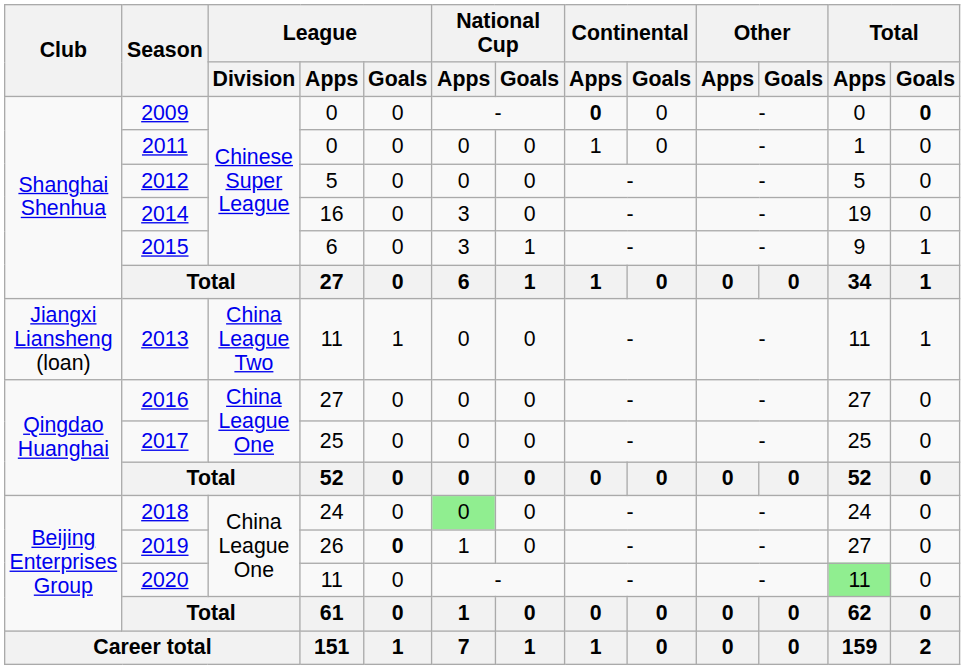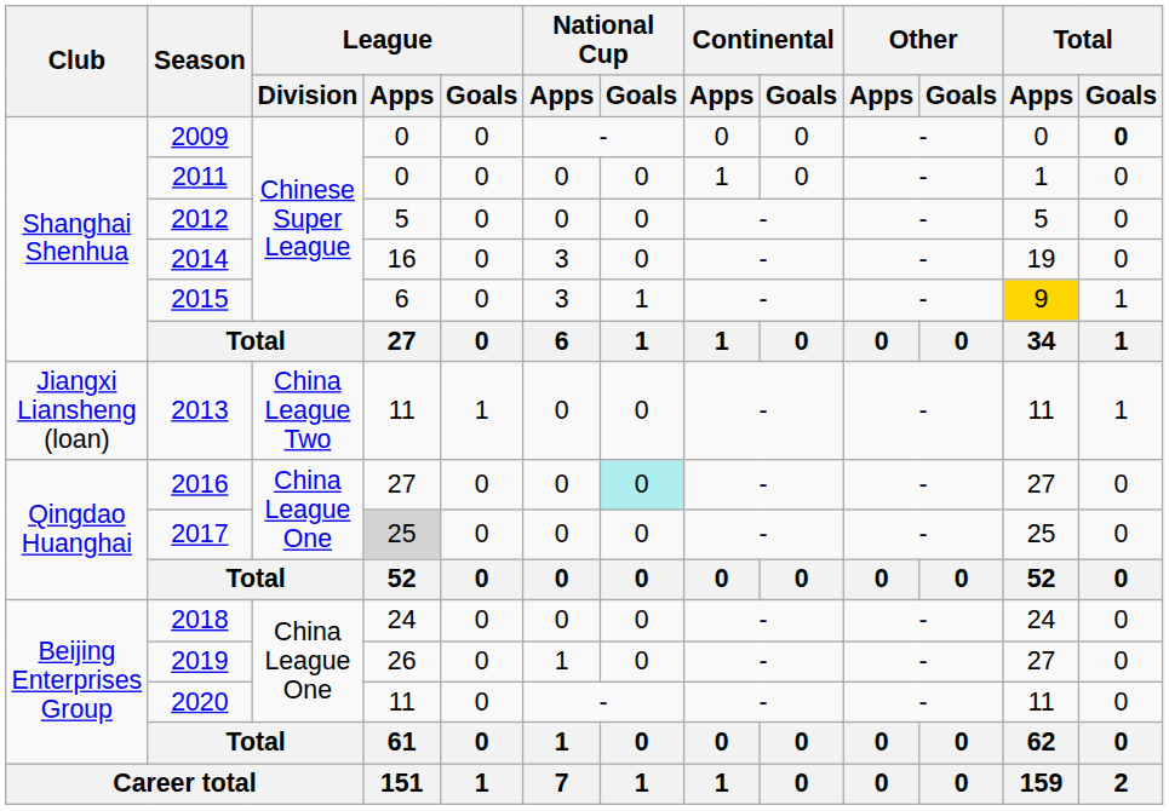 <table class="wikitable" style="text-align: center">
 <tr>
 <th rowspan="2">Club</th>
 <th rowspan="2">Season</th>
 <th colspan="3">League</th>
 <th colspan="2">National Cup</th>
 <th colspan="2">Continental</th>
 <th colspan="2">Other</th>
 <th colspan="2">Total</th>
 </tr>
 <tr>
 <th>Division</th>
 <th>Apps</th>
 <th>Goals</th>
 <th>Apps</th>
 <th>Goals</th>
 <th>Apps</th>
 <th>Goals</th>
 <th>Apps</th>
 <th>Goals</th>
 <th>Apps</th>
 <th>Goals</th>
 </tr>
 <tr>
 <td rowspan=6><a href='#'>Shanghai Shenhua</a></td>
 <td><a href='#'>2009</a></td>
 <td rowspan=5><a href='#'>Chinese Super League</a></td>
 <td>0</td>
 <td>0</td>
 <td colspan="2">-</td>
-<td><strong>0</strong></td>
+<td>0</td>
 <td>0</td>
 <td colspan="2">-</td>
 <td>0</td>
 <td><strong>0</strong></td>
 </tr>
 <tr>
 <td><a href='#'>2011</a></td>
 <td>0</td>
 <td>0</td>
 <td>0</td>
 <td>0</td>
 <td>1</td>
 <td>0</td>
 <td colspan="2">-</td>
 <td>1</td>
 <td>0</td>
 </tr>
 <tr>
 <td><a href='#'>2012</a></td>
 <td>5</td>
 <td>0</td>
 <td>0</td>
 <td>0</td>
 <td colspan="2">-</td>
 <td colspan="2">-</td>
 <td>5</td>
 <td>0</td>
 </tr>
 <tr>
 <td><a href='#'>2014</a></td>
 <td>16</td>
 <td>0</td>
 <td>3</td>
 <td>0</td>
 <td colspan="2">-</td>
 <td colspan="2">-</td>
 <td>19</td>
 <td>0</td>
 </tr>
 <tr>
 <td><a href='#'>2015</a></td>
 <td>6</td>
 <td>0</td>
 <td>3</td>
 <td>1</td>
 <td colspan="2">-</td>
 <td colspan="2">-</td>
-<td>9</td>
+<td style="background: gold;">9</td>
 <td>1</td>
 </tr>
 <tr>
 <th colspan="2"><strong>Total</strong></th>
 <th>27</th>
 <th>0</th>
 <th>6</th>
 <th>1</th>
 <th>1</th>
 <th>0</th>
 <th>0</th>
 <th>0</th>
 <th>34</th>
 <th>1</th>
 </tr>
 <tr>
 <td><a href='#'>Jiangxi Liansheng</a> (loan)</td>
 <td><a href='#'>2013</a></td>
 <td><a href='#'>China League Two</a></td>
 <td>11</td>
 <td>1</td>
 <td>0</td>
 <td>0</td>
 <td colspan="2">-</td>
 <td colspan="2">-</td>
 <td>11</td>
 <td>1</td>
 </tr>
 <tr>
 <td rowspan=3><a href='#'>Qingdao Huanghai</a></td>
 <td><a href='#'>2016</a></td>
 <td rowspan=2><a href='#'>China League One</a></td>
 <td>27</td>
 <td>0</td>
 <td>0</td>
-<td>0</td>
+<td style="background: paleturquoise;">0</td>
 <td colspan="2">-</td>
 <td colspan="2">-</td>
 <td>27</td>
 <td>0</td>
 </tr>
 <tr>
 <td><a href='#'>2017</a></td>
-<td>25</td>
+<td style="background: lightgrey;">25</td>
 <td>0</td>
 <td>0</td>
 <td>0</td>
 <td colspan="2">-</td>
 <td colspan="2">-</td>
 <td>25</td>
 <td>0</td>
 </tr>
 <tr>
 <th colspan="2"><strong>Total</strong></th>
 <th>52</th>
 <th>0</th>
 <th>0</th>
 <th>0</th>
 <th>0</th>
 <th>0</th>
 <th>0</th>
 <th>0</th>
 <th>52</th>
 <th>0</th>
 </tr>
 <tr>
 <td rowspan=4><a href='#'>Beijing Enterprises Group</a></td>
 <td><a href='#'>2018</a></td>
 <td rowspan=3>China League One</td>
 <td>24</td>
 <td>0</td>
-<td style="background: lightgreen;">0</td>
+<td>0</td>
 <td>0</td>
 <td colspan="2">-</td>
 <td colspan="2">-</td>
 <td>24</td>
 <td>0</td>
 </tr>
 <tr>
 <td><a href='#'>2019</a></td>
 <td>26</td>
-<td><strong>0</strong></td>
+<td>0</td>
 <td>1</td>
 <td>0</td>
 <td colspan="2">-</td>
 <td colspan="2">-</td>
 <td>27</td>
 <td>0</td>
 </tr>
 <tr>
 <td><a href='#'>2020</a></td>
 <td>11</td>
 <td>0</td>
 <td colspan="2">-</td>
 <td colspan="2">-</td>
 <td colspan="2">-</td>
-<td style="background: lightgreen;">11</td>
+<td>11</td>
 <td>0</td>
 </tr>
 <tr>
 <th colspan="2"><strong>Total</strong></th>
 <th>61</th>
 <th>0</th>
 <th>1</th>
 <th>0</th>
 <th>0</th>
 <th>0</th>
 <th>0</th>
 <th>0</th>
 <th>62</th>
 <th>0</th>
 </tr>
 <tr>
 <th colspan=3>Career total</th>
 <th>151</th>
 <th>1</th>
 <th>7</th>
 <th>1</th>
 <th>1</th>
 <th>0</th>
 <th>0</th>
 <th>0</th>
 <th>159</th>
 <th>2</th>
 </tr>
 </table>
